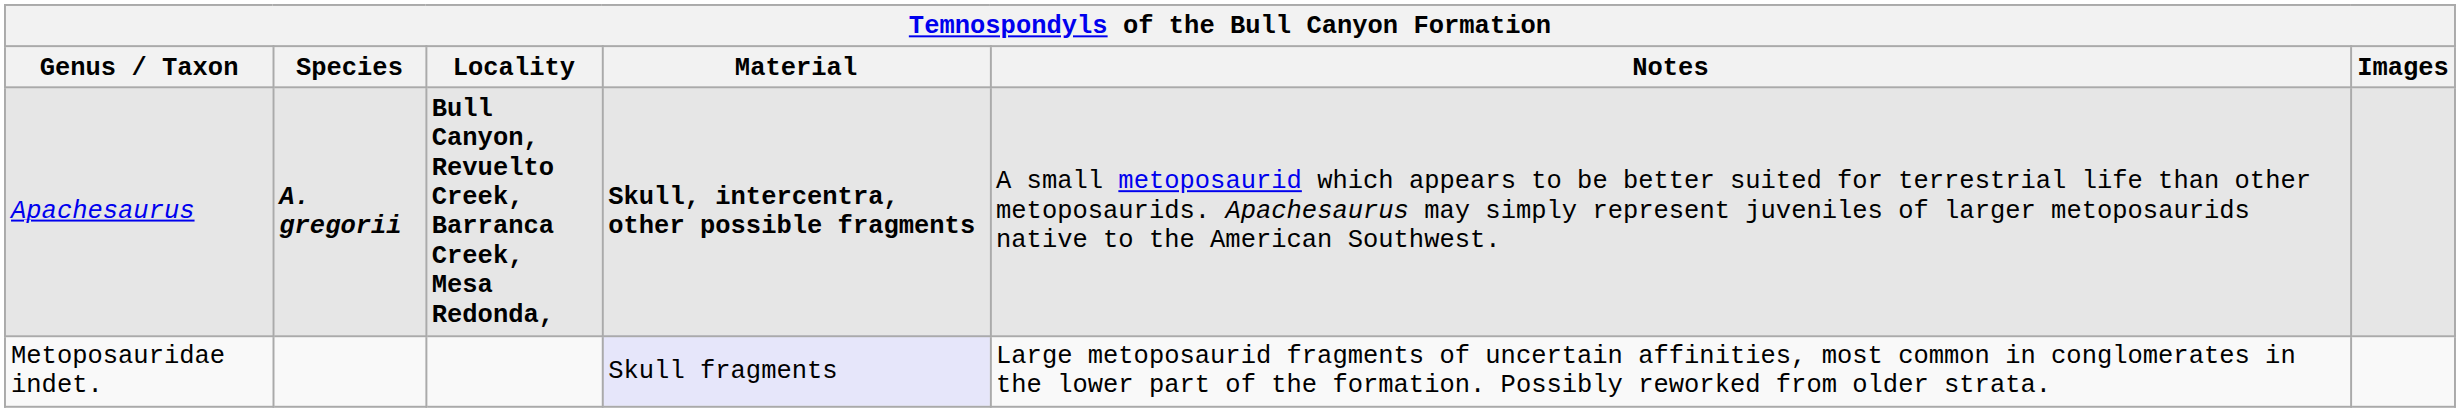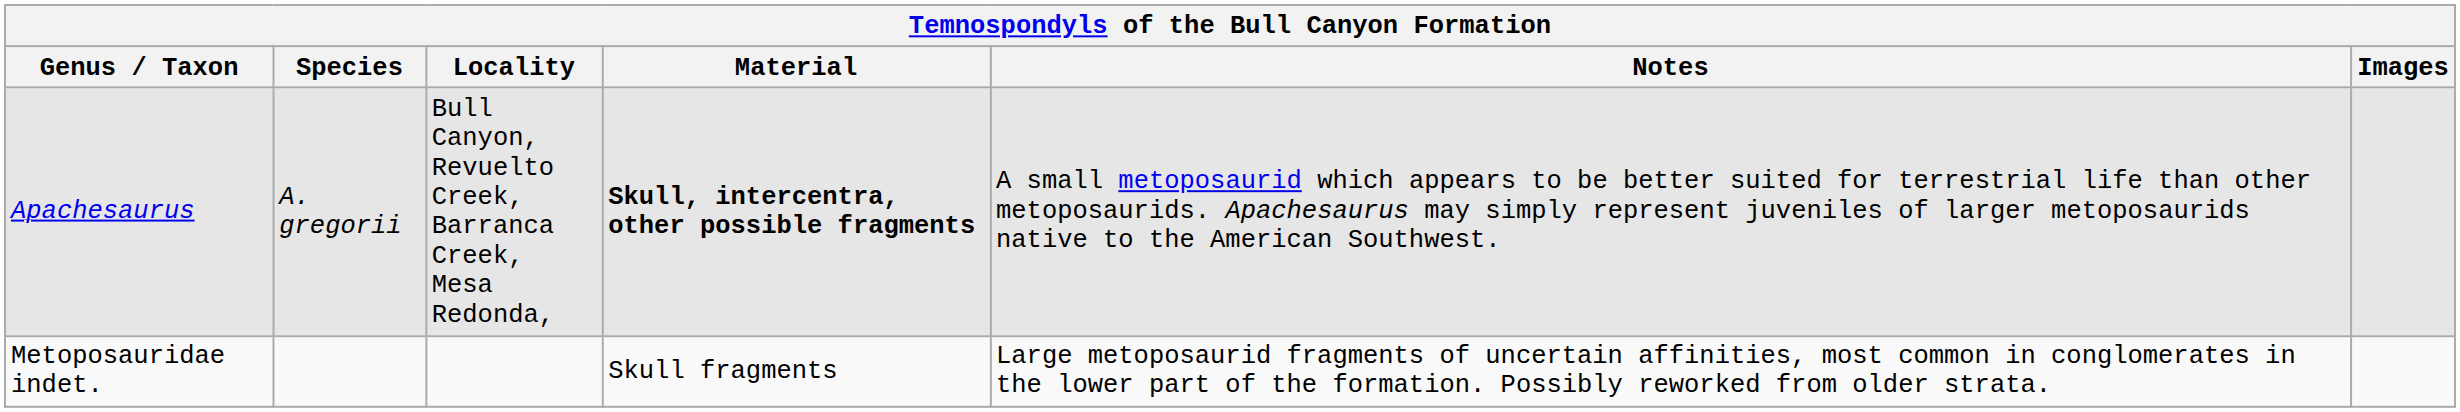 <table class="wikitable" align="center">
 <tr>
 <th colspan="6" align="center"><strong><a href='#'>Temnospondyls</a> of the Bull Canyon Formation</strong></th>
 </tr>
 <tr>
 <th>Genus / Taxon</th>
 <th>Species</th>
 <th>Locality</th>
 <th>Material</th>
 <th>Notes</th>
 <th>Images</th>
 </tr>
 <tr>
 <td style="background:#E6E6E6;"><em><a href='#'>Apachesaurus</a></em></td>
-<td style="background:#E6E6E6;"><strong><em>A. gregorii</em></strong></td>
-<td style="background:#E6E6E6;"><strong>Bull Canyon,<br>Revuelto Creek,<br>Barranca Creek,<br>Mesa Redonda,</strong></td>
+<td style="background:#E6E6E6;"><em>A. gregorii</em></td>
+<td style="background:#E6E6E6;">Bull Canyon,<br>Revuelto Creek,<br>Barranca Creek,<br>Mesa Redonda,</td>
 <td style="background:#E6E6E6;"><strong>Skull, intercentra, other possible fragments</strong></td>
 <td style="background:#E6E6E6;">A small <a href='#'>metoposaurid</a> which appears to be better suited for terrestrial life than other metoposaurids. <em>Apachesaurus</em> may simply represent juveniles of larger metoposaurids native to the American Southwest.</td>
 <td style="background:#E6E6E6;"></td>
 </tr>
 <tr>
 <td>Metoposauridae indet.</td>
 <td></td>
 <td></td>
-<td style="background: lavender;">Skull fragments</td>
+<td>Skull fragments</td>
 <td>Large metoposaurid fragments of uncertain affinities, most common in conglomerates in the lower part of the formation. Possibly reworked from older strata.</td>
 <td></td>
 </tr>
 </table>
